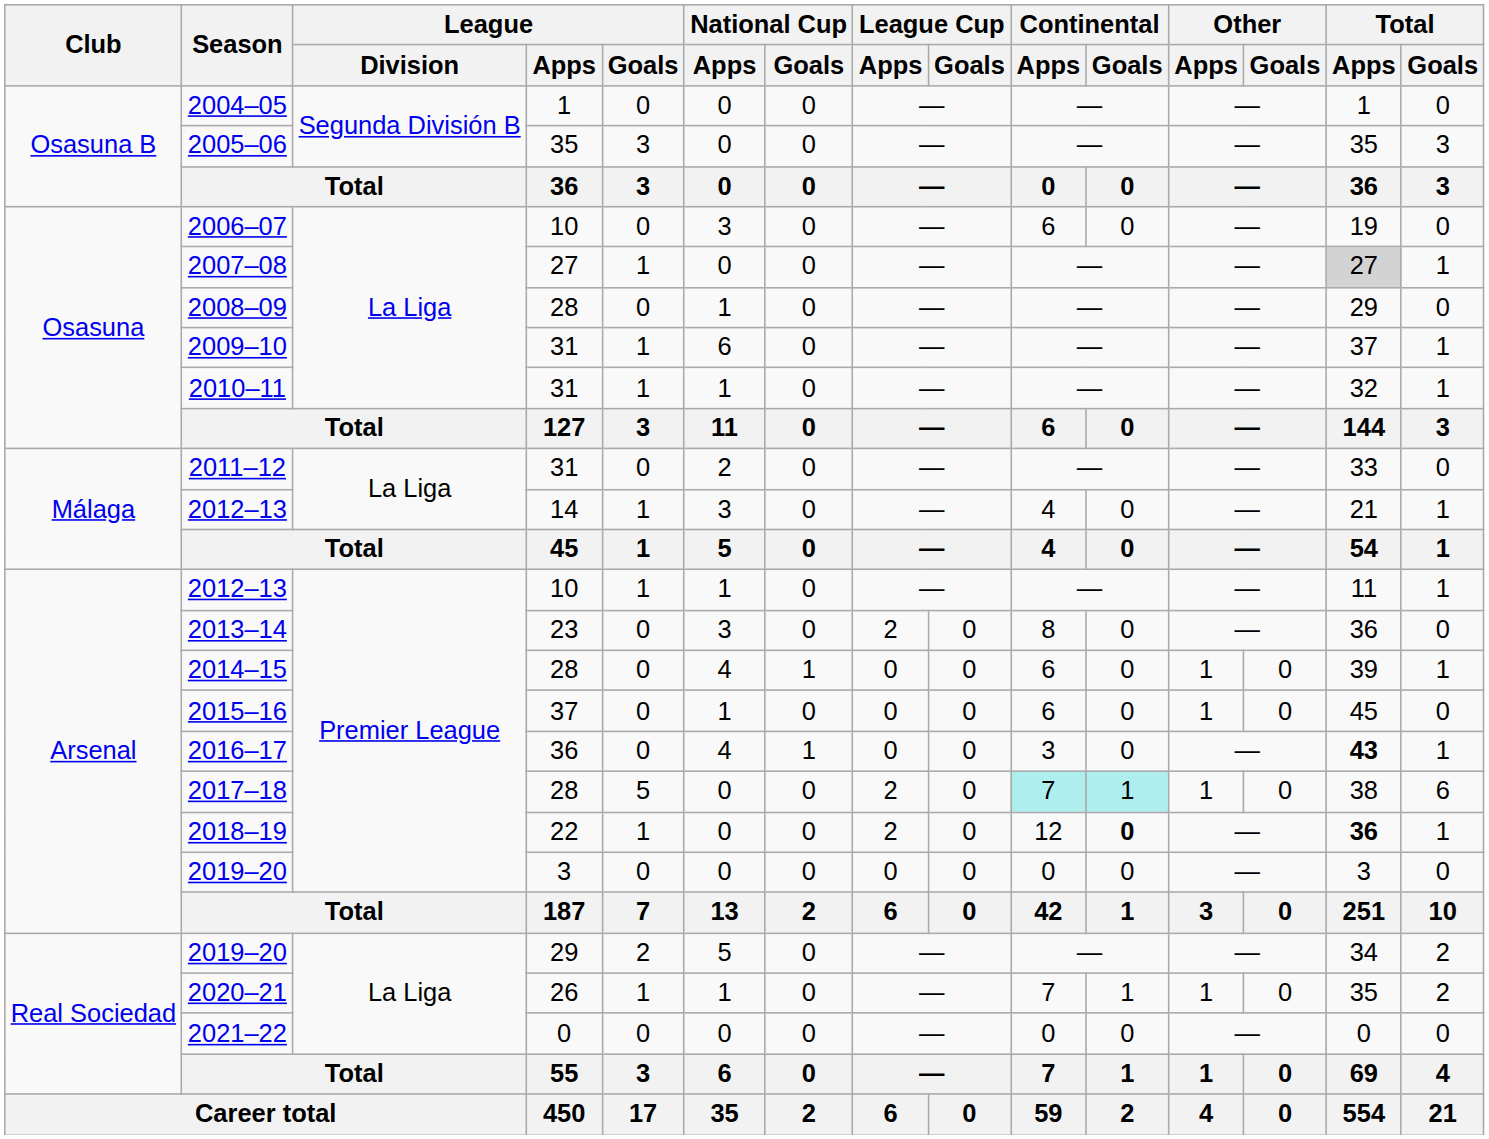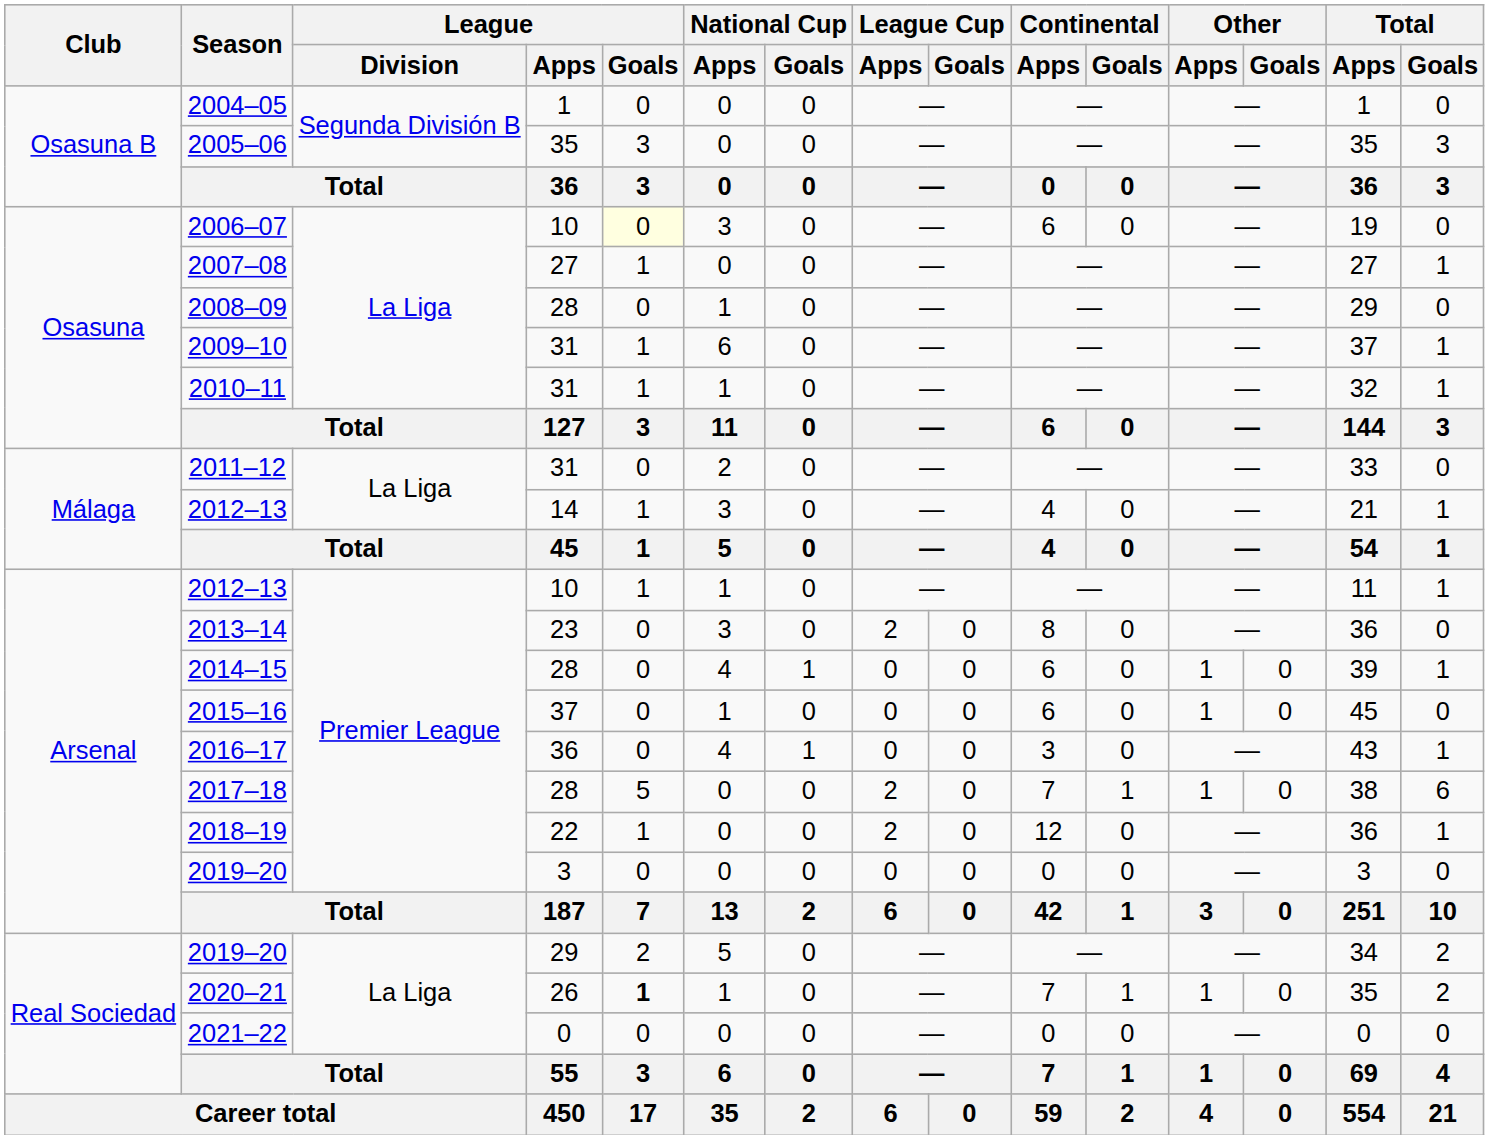 <table class="wikitable" style="text-align:center">
 <tr>
 <th rowspan="2">Club</th>
 <th rowspan="2">Season</th>
 <th colspan="3">League</th>
 <th colspan="2">National Cup</th>
 <th colspan="2">League Cup</th>
 <th colspan="2">Continental</th>
 <th colspan="2">Other</th>
 <th colspan="2">Total</th>
 </tr>
 <tr>
 <th>Division</th>
 <th>Apps</th>
 <th>Goals</th>
 <th>Apps</th>
 <th>Goals</th>
 <th>Apps</th>
 <th>Goals</th>
 <th>Apps</th>
 <th>Goals</th>
 <th>Apps</th>
 <th>Goals</th>
 <th>Apps</th>
 <th>Goals</th>
 </tr>
 <tr>
 <td rowspan="3"><a href='#'>Osasuna B</a></td>
 <td><a href='#'>2004–05</a></td>
 <td rowspan="2"><a href='#'>Segunda División B</a></td>
 <td>1</td>
 <td>0</td>
 <td>0</td>
 <td>0</td>
 <td colspan="2">—</td>
 <td colspan="2">—</td>
 <td colspan="2">—</td>
 <td>1</td>
 <td>0</td>
 </tr>
 <tr>
 <td><a href='#'>2005–06</a></td>
 <td>35</td>
 <td>3</td>
 <td>0</td>
 <td>0</td>
 <td colspan="2">—</td>
 <td colspan="2">—</td>
 <td colspan="2">—</td>
 <td>35</td>
 <td>3</td>
 </tr>
 <tr>
 <th colspan="2">Total</th>
 <th>36</th>
 <th>3</th>
 <th>0</th>
 <th>0</th>
 <th colspan="2">—</th>
 <th>0</th>
 <th>0</th>
 <th colspan="2">—</th>
 <th>36</th>
 <th>3</th>
 </tr>
 <tr>
 <td rowspan="6"><a href='#'>Osasuna</a></td>
 <td><a href='#'>2006–07</a></td>
 <td rowspan="5"><a href='#'>La Liga</a></td>
 <td>10</td>
-<td>0</td>
+<td style="background: lightyellow;">0</td>
 <td>3</td>
 <td>0</td>
 <td colspan="2">—</td>
 <td>6</td>
 <td>0</td>
 <td colspan="2">—</td>
 <td>19</td>
 <td>0</td>
 </tr>
 <tr>
 <td><a href='#'>2007–08</a></td>
 <td>27</td>
 <td>1</td>
 <td>0</td>
 <td>0</td>
 <td colspan="2">—</td>
 <td colspan="2">—</td>
 <td colspan="2">—</td>
-<td style="background: lightgrey;">27</td>
+<td>27</td>
 <td>1</td>
 </tr>
 <tr>
 <td><a href='#'>2008–09</a></td>
 <td>28</td>
 <td>0</td>
 <td>1</td>
 <td>0</td>
 <td colspan="2">—</td>
 <td colspan="2">—</td>
 <td colspan="2">—</td>
 <td>29</td>
 <td>0</td>
 </tr>
 <tr>
 <td><a href='#'>2009–10</a></td>
 <td>31</td>
 <td>1</td>
 <td>6</td>
 <td>0</td>
 <td colspan="2">—</td>
 <td colspan="2">—</td>
 <td colspan="2">—</td>
 <td>37</td>
 <td>1</td>
 </tr>
 <tr>
 <td><a href='#'>2010–11</a></td>
 <td>31</td>
 <td>1</td>
 <td>1</td>
 <td>0</td>
 <td colspan="2">—</td>
 <td colspan="2">—</td>
 <td colspan="2">—</td>
 <td>32</td>
 <td>1</td>
 </tr>
 <tr>
 <th colspan="2">Total</th>
 <th>127</th>
 <th>3</th>
 <th>11</th>
 <th>0</th>
 <th colspan="2">—</th>
 <th>6</th>
 <th>0</th>
 <th colspan="2">—</th>
 <th>144</th>
 <th>3</th>
 </tr>
 <tr>
 <td rowspan="3"><a href='#'>Málaga</a></td>
 <td><a href='#'>2011–12</a></td>
 <td rowspan="2">La Liga</td>
 <td>31</td>
 <td>0</td>
 <td>2</td>
 <td>0</td>
 <td colspan="2">—</td>
 <td colspan="2">—</td>
 <td colspan="2">—</td>
 <td>33</td>
 <td>0</td>
 </tr>
 <tr>
 <td><a href='#'>2012–13</a></td>
 <td>14</td>
 <td>1</td>
 <td>3</td>
 <td>0</td>
 <td colspan="2">—</td>
 <td>4</td>
 <td>0</td>
 <td colspan="2">—</td>
 <td>21</td>
 <td>1</td>
 </tr>
 <tr>
 <th colspan="2">Total</th>
 <th>45</th>
 <th>1</th>
 <th>5</th>
 <th>0</th>
 <th colspan="2">—</th>
 <th>4</th>
 <th>0</th>
 <th colspan="2">—</th>
 <th>54</th>
 <th>1</th>
 </tr>
 <tr>
 <td rowspan="9"><a href='#'>Arsenal</a></td>
 <td><a href='#'>2012–13</a></td>
 <td rowspan="8"><a href='#'>Premier League</a></td>
 <td>10</td>
 <td>1</td>
 <td>1</td>
 <td>0</td>
 <td colspan="2">—</td>
 <td colspan="2">—</td>
 <td colspan="2">—</td>
 <td>11</td>
 <td>1</td>
 </tr>
 <tr>
 <td><a href='#'>2013–14</a></td>
 <td>23</td>
 <td>0</td>
 <td>3</td>
 <td>0</td>
 <td>2</td>
 <td>0</td>
 <td>8</td>
 <td>0</td>
 <td colspan="2">—</td>
 <td>36</td>
 <td>0</td>
 </tr>
 <tr>
 <td><a href='#'>2014–15</a></td>
 <td>28</td>
 <td>0</td>
 <td>4</td>
 <td>1</td>
 <td>0</td>
 <td>0</td>
 <td>6</td>
 <td>0</td>
 <td>1</td>
 <td>0</td>
 <td>39</td>
 <td>1</td>
 </tr>
 <tr>
 <td><a href='#'>2015–16</a></td>
 <td>37</td>
 <td>0</td>
 <td>1</td>
 <td>0</td>
 <td>0</td>
 <td>0</td>
 <td>6</td>
 <td>0</td>
 <td>1</td>
 <td>0</td>
 <td>45</td>
 <td>0</td>
 </tr>
 <tr>
 <td><a href='#'>2016–17</a></td>
 <td>36</td>
 <td>0</td>
 <td>4</td>
 <td>1</td>
 <td>0</td>
 <td>0</td>
 <td>3</td>
 <td>0</td>
 <td colspan="2">—</td>
-<td><strong>43</strong></td>
+<td>43</td>
 <td>1</td>
 </tr>
 <tr>
 <td><a href='#'>2017–18</a></td>
 <td>28</td>
 <td>5</td>
 <td>0</td>
 <td>0</td>
 <td>2</td>
 <td>0</td>
-<td style="background: paleturquoise;">7</td>
-<td style="background: paleturquoise;">1</td>
+<td>7</td>
+<td>1</td>
 <td>1</td>
 <td>0</td>
 <td>38</td>
 <td>6</td>
 </tr>
 <tr>
 <td><a href='#'>2018–19</a></td>
 <td>22</td>
 <td>1</td>
 <td>0</td>
 <td>0</td>
 <td>2</td>
 <td>0</td>
 <td>12</td>
-<td><strong>0</strong></td>
+<td>0</td>
 <td colspan="2">—</td>
-<td><strong>36</strong></td>
+<td>36</td>
 <td>1</td>
 </tr>
 <tr>
 <td><a href='#'>2019–20</a></td>
 <td>3</td>
 <td>0</td>
 <td>0</td>
 <td>0</td>
 <td>0</td>
 <td>0</td>
 <td>0</td>
 <td>0</td>
 <td colspan="2">—</td>
 <td>3</td>
 <td>0</td>
 </tr>
 <tr>
 <th colspan="2">Total</th>
 <th>187</th>
 <th>7</th>
 <th>13</th>
 <th>2</th>
 <th>6</th>
 <th>0</th>
 <th>42</th>
 <th>1</th>
 <th>3</th>
 <th>0</th>
 <th>251</th>
 <th>10</th>
 </tr>
 <tr>
 <td rowspan="4"><a href='#'>Real Sociedad</a></td>
 <td><a href='#'>2019–20</a></td>
 <td rowspan="3">La Liga</td>
 <td>29</td>
 <td>2</td>
 <td>5</td>
 <td>0</td>
 <td colspan="2">—</td>
 <td colspan="2">—</td>
 <td colspan="2">—</td>
 <td>34</td>
 <td>2</td>
 </tr>
 <tr>
 <td><a href='#'>2020–21</a></td>
 <td>26</td>
-<td>1</td>
+<td><strong>1</strong></td>
 <td>1</td>
 <td>0</td>
 <td colspan="2">—</td>
 <td>7</td>
 <td>1</td>
 <td>1</td>
 <td>0</td>
 <td>35</td>
 <td>2</td>
 </tr>
 <tr>
 <td><a href='#'>2021–22</a></td>
 <td>0</td>
 <td>0</td>
 <td>0</td>
 <td>0</td>
 <td colspan="2">—</td>
 <td>0</td>
 <td>0</td>
 <td colspan="2">—</td>
 <td>0</td>
 <td>0</td>
 </tr>
 <tr>
 <th colspan="2">Total</th>
 <th>55</th>
 <th>3</th>
 <th>6</th>
 <th>0</th>
 <th colspan="2">—</th>
 <th>7</th>
 <th>1</th>
 <th>1</th>
 <th>0</th>
 <th>69</th>
 <th>4</th>
 </tr>
 <tr>
 <th colspan="3">Career total</th>
 <th>450</th>
 <th>17</th>
 <th>35</th>
 <th>2</th>
 <th>6</th>
 <th>0</th>
 <th>59</th>
 <th>2</th>
 <th>4</th>
 <th>0</th>
 <th>554</th>
 <th>21</th>
 </tr>
 </table>
